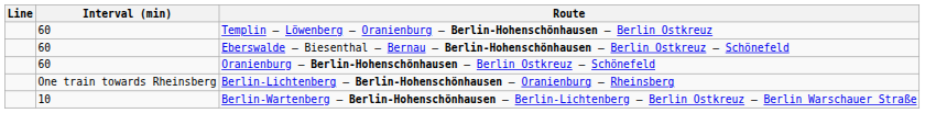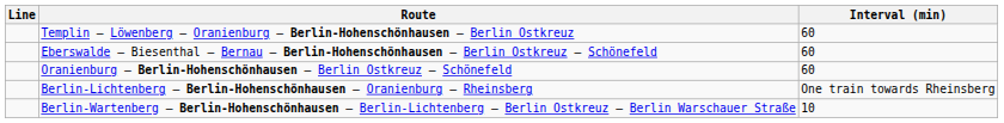 <table class="wikitable">
 <tr>
 <th>Line</th>
+<th>Route</th>
 <th>Interval (min)</th>
-<th>Route</th>
 </tr>
 <tr>
 <td align="center"></td>
+<td><a href='#'>Templin</a> – <a href='#'>Löwenberg</a> – <a href='#'>Oranienburg</a> – <strong>Berlin-Hohenschönhausen</strong> – <a href='#'>Berlin Ostkreuz</a></td>
 <td>60</td>
-<td><a href='#'>Templin</a> – <a href='#'>Löwenberg</a> – <a href='#'>Oranienburg</a> – <strong>Berlin-Hohenschönhausen</strong> – <a href='#'>Berlin Ostkreuz</a></td>
 </tr>
 <tr>
 <td align="center"></td>
+<td><a href='#'>Eberswalde</a> – Biesenthal – <a href='#'>Bernau</a> – <strong>Berlin-Hohenschönhausen</strong> – <a href='#'>Berlin Ostkreuz</a> – <a href='#'>Schönefeld</a></td>
 <td>60</td>
-<td><a href='#'>Eberswalde</a> – Biesenthal – <a href='#'>Bernau</a> – <strong>Berlin-Hohenschönhausen</strong> – <a href='#'>Berlin Ostkreuz</a> – <a href='#'>Schönefeld</a></td>
 </tr>
 <tr>
 <td align="center"></td>
+<td><a href='#'>Oranienburg</a> – <strong>Berlin-Hohenschönhausen</strong> – <a href='#'>Berlin Ostkreuz</a> – <a href='#'>Schönefeld</a></td>
 <td>60</td>
-<td><a href='#'>Oranienburg</a> – <strong>Berlin-Hohenschönhausen</strong> – <a href='#'>Berlin Ostkreuz</a> – <a href='#'>Schönefeld</a></td>
 </tr>
 <tr>
 <td align="center"></td>
+<td><a href='#'>Berlin-Lichtenberg</a> – <strong>Berlin-Hohenschönhausen</strong> – <a href='#'>Oranienburg</a> – <a href='#'>Rheinsberg</a></td>
 <td>One train towards Rheinsberg</td>
-<td><a href='#'>Berlin-Lichtenberg</a> – <strong>Berlin-Hohenschönhausen</strong> – <a href='#'>Oranienburg</a> – <a href='#'>Rheinsberg</a></td>
 </tr>
 <tr>
 <td></td>
+<td><a href='#'>Berlin-Wartenberg</a> – <strong>Berlin-Hohenschönhausen</strong> – <a href='#'>Berlin-Lichtenberg</a> – <a href='#'>Berlin Ostkreuz</a> – <a href='#'>Berlin Warschauer Straße</a></td>
 <td>10</td>
-<td><a href='#'>Berlin-Wartenberg</a> – <strong>Berlin-Hohenschönhausen</strong> – <a href='#'>Berlin-Lichtenberg</a> – <a href='#'>Berlin Ostkreuz</a> – <a href='#'>Berlin Warschauer Straße</a></td>
 </tr>
 </table>
